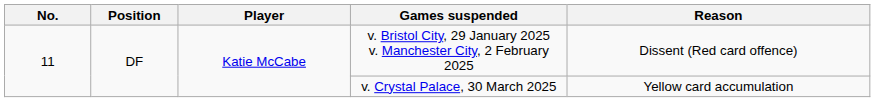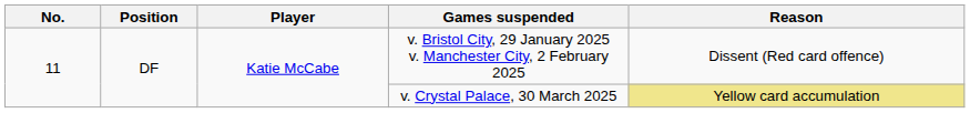 <table class="wikitable sortable" style="width:100%; text-align:center; font-size:85%; text-align:centre; max-width: 1200px">
 <tr>
 <th width="10%">No.</th>
 <th width="10%">Position</th>
 <th>Player</th>
 <th colspan="2" width="25%">Games suspended</th>
 <th width="35%">Reason</th>
 </tr>
 <tr>
 <td rowspan="2">11</td>
 <td rowspan="2">DF</td>
 <td rowspan="2"> <a href='#'>Katie McCabe</a></td>
 <td colspan="2">v. <a href='#'>Bristol City</a>, 29 January 2025 <br> v. <a href='#'>Manchester City</a>, 2 February 2025</td>
 <td>Dissent (Red card offence)</td>
 </tr>
 <tr>
 <td colspan="2">v. <a href='#'>Crystal Palace</a>, 30 March 2025</td>
-<td>Yellow card accumulation</td>
+<td style="background: khaki;">Yellow card accumulation</td>
 </tr>
 </table>
